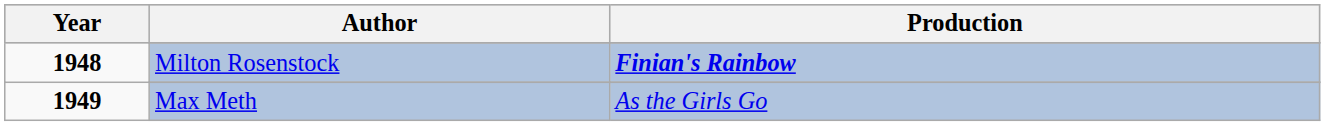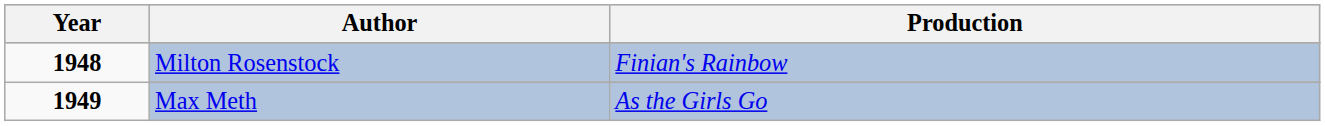 <table class="wikitable" style="width:98%;">
 <tr style="background:#bebebe;">
 <th style="width:11%;">Year</th>
 <th style="width:35%;">Author</th>
 <th style="width:54%;">Production</th>
 </tr>
 <tr>
 <td rowspan="2" align="center"><strong>1948</strong><br></td>
 </tr>
 <tr style="background:#B0C4DE">
 <td><a href='#'>Milton Rosenstock</a></td>
-<td><strong><em><a href='#'>Finian's Rainbow</a></em></strong></td>
+<td><em><a href='#'>Finian's Rainbow</a></em></td>
 </tr>
 <tr>
 <td rowspan="2" align="center"><strong>1949</strong><br></td>
 </tr>
 <tr style="background:#B0C4DE">
 <td><a href='#'>Max Meth</a></td>
 <td><em><a href='#'>As the Girls Go</a></em></td>
 </tr>
 </table>
